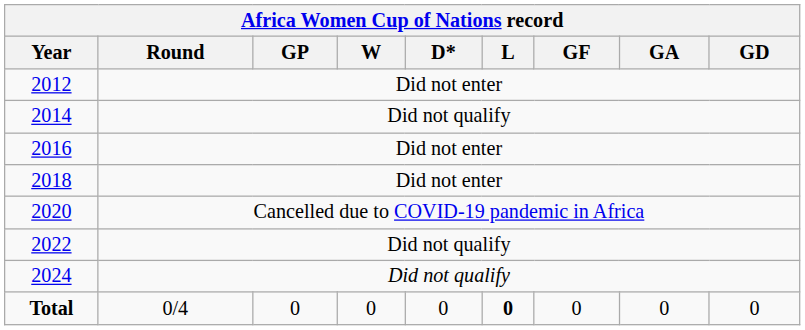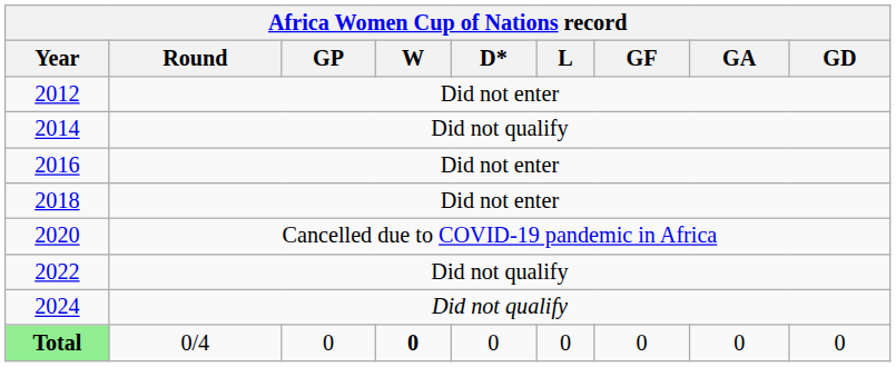 <table class="wikitable" style="text-align: center; width:50%;">
 <tr>
 <th colspan=9><a href='#'>Africa Women Cup of Nations</a> record</th>
 </tr>
 <tr>
 <th>Year</th>
 <th>Round</th>
 <th>GP</th>
 <th>W</th>
 <th>D*</th>
 <th>L</th>
 <th>GF</th>
 <th>GA</th>
 <th>GD</th>
 </tr>
 <tr>
 <td> <a href='#'>2012</a></td>
 <td colspan=8>Did not enter</td>
 </tr>
 <tr>
 <td> <a href='#'>2014</a></td>
 <td colspan=8>Did not qualify</td>
 </tr>
 <tr>
 <td> <a href='#'>2016</a></td>
 <td colspan=8>Did not enter</td>
 </tr>
 <tr>
 <td> <a href='#'>2018</a></td>
 <td colspan=8>Did not enter</td>
 </tr>
 <tr>
 <td><a href='#'>2020</a></td>
 <td colspan=8>Cancelled due to <a href='#'>COVID-19 pandemic in Africa</a></td>
 </tr>
 <tr>
 <td> <a href='#'>2022</a></td>
 <td colspan=8>Did not qualify</td>
 </tr>
 <tr>
 <td> <a href='#'>2024</a></td>
 <td colspan=8><em>Did not qualify</em></td>
 </tr>
 <tr>
-<td><strong>Total</strong></td>
+<td style="background: lightgreen;"><strong>Total</strong></td>
 <td>0/4</td>
-<td>0</td>
-<td>0</td>
 <td>0</td>
 <td><strong>0</strong></td>
 <td>0</td>
 <td>0</td>
 <td>0</td>
+<td>0</td>
+<td>0</td>
 </tr>
 </table>
